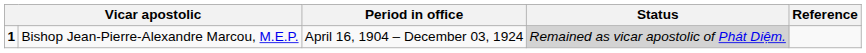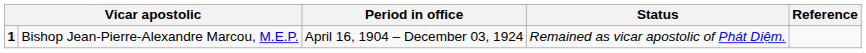 <table class="wikitable">
 <tr>
 <th colspan="2">Vicar apostolic</th>
 <th>Period in office</th>
 <th>Status</th>
 <th>Reference</th>
 </tr>
 <tr>
 <td><strong>1</strong></td>
 <td>Bishop Jean-Pierre-Alexandre Marcou, <a href='#'>M.E.P.</a></td>
 <td>April 16, 1904 – December 03, 1924</td>
-<td style="background: lightgrey;"><em>Remained as vicar apostolic of <a href='#'>Phát Diệm.</a></em></td>
+<td><em>Remained as vicar apostolic of <a href='#'>Phát Diệm.</a></em></td>
 <td></td>
 </tr>
 </table>
